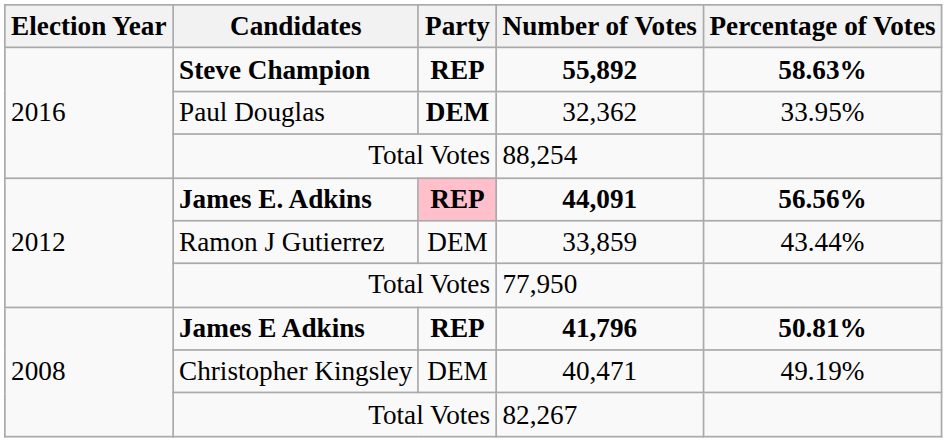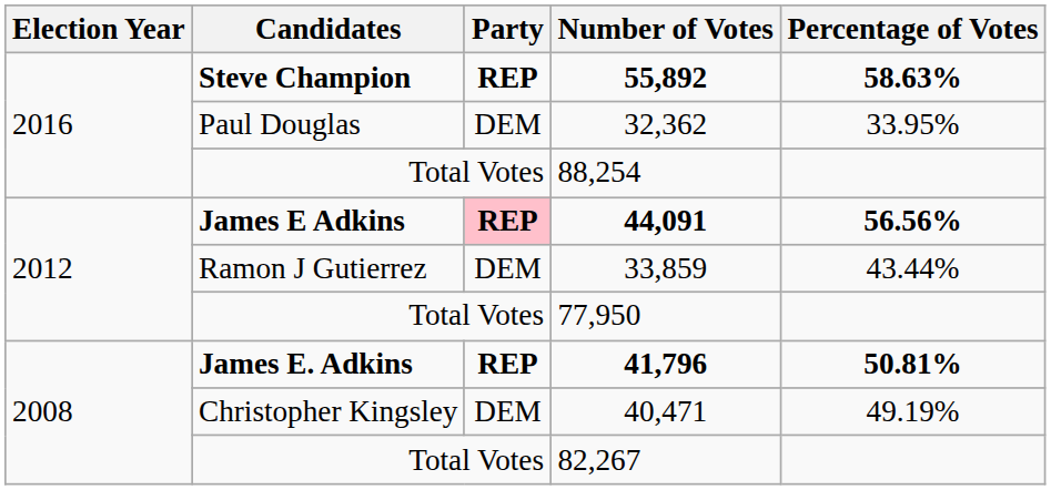 <table class="wikitable">
 <tr>
 <th>Election Year</th>
 <th>Candidates</th>
 <th>Party</th>
 <th>Number of Votes</th>
 <th>Percentage of Votes</th>
 </tr>
 <tr>
 <td rowspan="3">2016</td>
 <td style="text-align:left;" ><strong>Steve Champion</strong></td>
 <td style="text-align:center;" ><strong>REP</strong></td>
 <td style="text-align:center;" ><strong>55,892</strong></td>
 <td style="text-align:center;" ><strong>58.63%</strong></td>
 </tr>
 <tr>
 <td style="text-align:left;" >Paul Douglas</td>
-<td style="text-align:center;" ><strong>DEM</strong></td>
+<td style="text-align:center;" >DEM</td>
 <td style="text-align:center;" >32,362</td>
 <td style="text-align:center;" >33.95%</td>
 </tr>
 <tr>
 <td style="text-align:right;"  colspan="2">Total Votes</td>
 <td>88,254</td>
 <td></td>
 </tr>
 <tr>
 <td rowspan="3">2012</td>
-<td style="text-align:left;" ><strong>James E. Adkins</strong></td>
+<td style="text-align:left;" ><strong>James E Adkins</strong></td>
 <td style="background: pink; text-align:center;" ><strong>REP</strong></td>
 <td style="text-align:center;" ><strong>44,091</strong></td>
 <td style="text-align:center;" ><strong>56.56%</strong></td>
 </tr>
 <tr>
 <td style="text-align:left;" >Ramon J Gutierrez</td>
 <td style="text-align:center;" >DEM</td>
 <td style="text-align:center;" >33,859</td>
 <td style="text-align:center;" >43.44%</td>
 </tr>
 <tr>
 <td style="text-align:right;"  colspan="2">Total Votes</td>
 <td>77,950</td>
 <td></td>
 </tr>
 <tr>
 <td rowspan="3">2008</td>
-<td style="text-align:left;" ><strong>James E Adkins</strong></td>
+<td style="text-align:left;" ><strong>James E. Adkins</strong></td>
 <td style="text-align:center;" ><strong>REP</strong></td>
 <td style="text-align:center;" ><strong>41,796</strong></td>
 <td style="text-align:center;" ><strong>50.81%</strong></td>
 </tr>
 <tr>
 <td style="text-align:left;" >Christopher Kingsley</td>
 <td style="text-align:center;" >DEM</td>
 <td style="text-align:center;" >40,471</td>
 <td style="text-align:center;" >49.19%</td>
 </tr>
 <tr>
 <td style="text-align:right;" colspan="2">Total Votes</td>
 <td>82,267</td>
 <td></td>
 </tr>
 </table>
